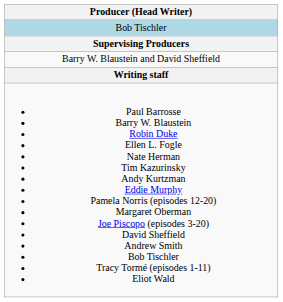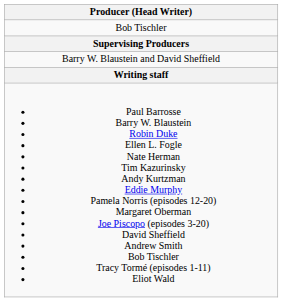 <table class="wikitable plainrowheaders"  style="text-align:center; width:50%;">
 <tr>
 <th><strong>Producer (Head Writer)</strong></th>
 </tr>
 <tr>
-<td style="background: lightblue;">Bob Tischler</td>
+<td>Bob Tischler</td>
 </tr>
 <tr>
 <th><strong>Supervising Producers</strong></th>
 </tr>
 <tr>
 <td>Barry W. Blaustein and David Sheffield</td>
 </tr>
 <tr>
 <th><strong>Writing staff</strong></th>
 </tr>
 <tr>
 <td><br><ul><li>Paul Barrosse</li><li>Barry W. Blaustein</li><li><a href='#'>Robin Duke</a></li><li>Ellen L. Fogle</li><li>Nate Herman</li><li>Tim Kazurinsky</li><li>Andy Kurtzman</li><li><a href='#'>Eddie Murphy</a></li><li>Pamela Norris (episodes 12-20)</li><li>Margaret Oberman</li><li><a href='#'>Joe Piscopo</a> (episodes 3-20)</li><li>David Sheffield</li><li>Andrew Smith</li><li>Bob Tischler</li><li>Tracy Tormé (episodes 1-11)</li><li>Eliot Wald</li></ul></td>
 </tr>
 </table>
